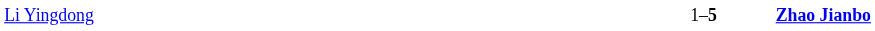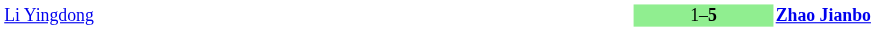 <table width="100%" cellspacing="1">
 <tr>
 <th width=45%></th>
 <th width=10%></th>
 <th width=45%></th>
 </tr>
 <tr>
 <td> <a href='#'>Li Yingdong</a></td>
-<td align="center">1–<strong>5</strong></td>
+<td align="center" style="background: lightgreen;">1–<strong>5</strong></td>
 <td><strong> <a href='#'>Zhao Jianbo</a></strong></td>
 </tr>
 </table>
